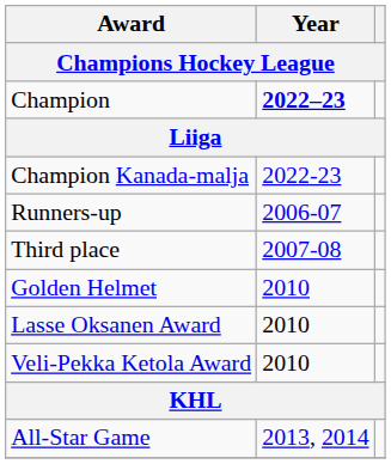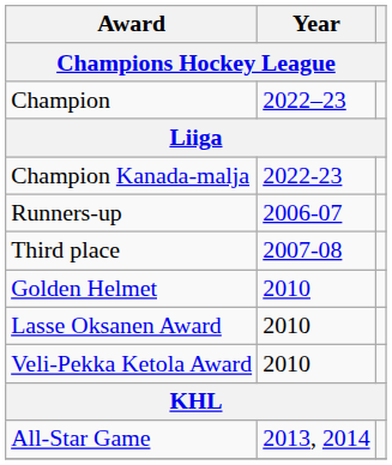 <table class="wikitable">
 <tr>
 <th>Award</th>
 <th>Year</th>
 <th></th>
 </tr>
 <tr ALIGN="center" bgcolor="#e0e0e0">
 <th colspan="3"><a href='#'>Champions Hockey League</a></th>
 </tr>
 <tr>
 <td>Champion</td>
-<td><strong><a href='#'>2022–23</a></strong></td>
+<td><a href='#'>2022–23</a></td>
 </tr>
 <tr ALIGN="center" bgcolor="#e0e0e0">
 <th colspan="3"><a href='#'>Liiga</a></th>
 </tr>
 <tr>
 <td>Champion <a href='#'>Kanada-malja</a></td>
 <td><a href='#'>2022-23</a></td>
 <td></td>
 </tr>
 <tr>
 <td>Runners-up</td>
 <td><a href='#'>2006-07</a></td>
 <td></td>
 </tr>
 <tr>
 <td>Third place</td>
 <td><a href='#'>2007-08</a></td>
 <td></td>
 </tr>
 <tr>
 <td><a href='#'>Golden Helmet</a></td>
 <td><a href='#'>2010</a></td>
 <td></td>
 </tr>
 <tr>
 <td><a href='#'>Lasse Oksanen Award</a></td>
 <td>2010</td>
 <td></td>
 </tr>
 <tr>
 <td><a href='#'>Veli-Pekka Ketola Award</a></td>
 <td>2010</td>
 <td></td>
 </tr>
 <tr ALIGN="center" bgcolor="#e0e0e0">
 <th colspan="3"><a href='#'>KHL</a></th>
 </tr>
 <tr>
 <td><a href='#'>All-Star Game</a></td>
 <td><a href='#'>2013</a>, <a href='#'>2014</a></td>
 <td></td>
 </tr>
 <tr>
 </tr>
 </table>
